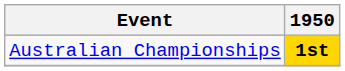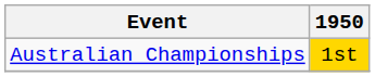 <table class="wikitable">
 <tr>
 <th>Event</th>
 <th>1950</th>
 </tr>
 <tr>
 <td><a href='#'>Australian Championships</a></td>
-<td align="center" bgcolor="gold"><strong>1st</strong></td>
+<td align="center" bgcolor="gold">1st</td>
 </tr>
 <tr>
 </tr>
 </table>
